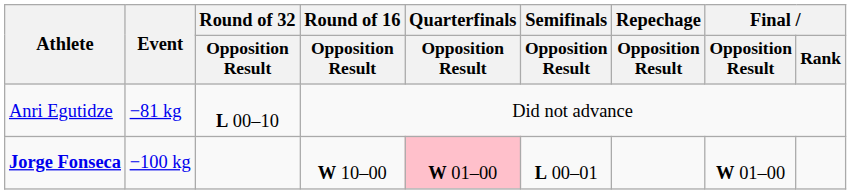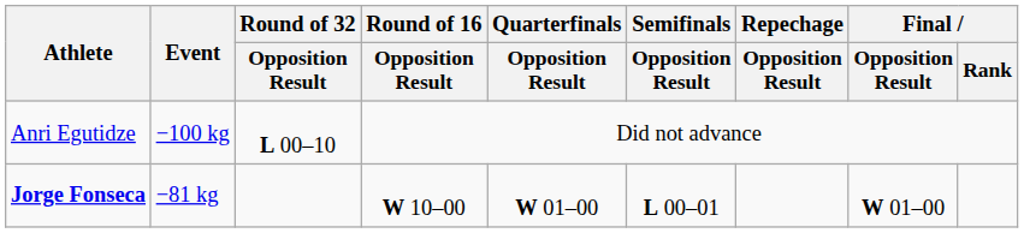 <table class="wikitable" style="font-size:90%">
 <tr>
 <th rowspan="2">Athlete</th>
 <th rowspan="2">Event</th>
 <th>Round of 32</th>
 <th>Round of 16</th>
 <th>Quarterfinals</th>
 <th>Semifinals</th>
 <th>Repechage</th>
 <th colspan=2>Final / </th>
 </tr>
 <tr style="font-size:95%">
 <th>Opposition<br>Result</th>
 <th>Opposition<br>Result</th>
 <th>Opposition<br>Result</th>
 <th>Opposition<br>Result</th>
 <th>Opposition<br>Result</th>
 <th>Opposition<br>Result</th>
 <th>Rank</th>
 </tr>
 <tr align=center>
 <td align=left><a href='#'>Anri Egutidze</a></td>
-<td align=left><a href='#'>−81 kg</a></td>
+<td align=left><a href='#'>−100 kg</a></td>
 <td><br><strong>L</strong> 00–10</td>
 <td colspan=6>Did not advance</td>
 </tr>
 <tr align=center>
 <td align=left><strong><a href='#'>Jorge Fonseca</a></strong></td>
-<td align=left><a href='#'>−100 kg</a></td>
+<td align=left><a href='#'>−81 kg</a></td>
 <td></td>
 <td><br><strong>W</strong> 10–00</td>
-<td style="background: pink;"><br><strong>W</strong> 01–00</td>
+<td><br><strong>W</strong> 01–00</td>
 <td><br><strong>L</strong> 00–01</td>
 <td></td>
 <td><br><strong>W</strong> 01–00</td>
 <td></td>
 </tr>
 </table>
